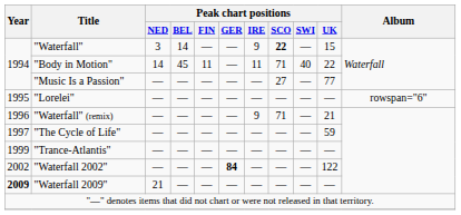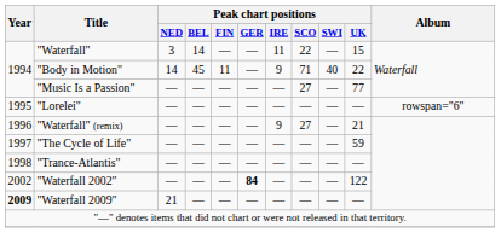 <table class="wikitable" style="text-align:center;">
 <tr>
 <th rowspan="2" style="width:2em;">Year</th>
 <th rowspan="2" style="width:10em;">Title</th>
 <th colspan="8">Peak chart positions</th>
 <th rowspan="2" style="width:10em;">Album</th>
 </tr>
 <tr>
 <th style="width:2em;font-size:90%;"><a href='#'>NED</a><br></th>
 <th style="width:2em;font-size:90%;"><a href='#'>BEL</a><br></th>
 <th style="width:2em;font-size:90%;"><a href='#'>FIN</a><br></th>
 <th style="width:2em;font-size:90%;"><a href='#'>GER</a><br></th>
 <th style="width:2em;font-size:90%;"><a href='#'>IRE</a><br></th>
 <th style="width:2em;font-size:90%;"><a href='#'>SCO</a><br></th>
 <th style="width:2em;font-size:90%;"><a href='#'>SWI</a><br></th>
 <th style="width:2em;font-size:90%;"><a href='#'>UK</a><br></th>
 </tr>
 <tr>
 <td rowspan="3">1994</td>
 <td style="text-align:left;">"Waterfall"</td>
 <td>3</td>
 <td>14</td>
 <td>—</td>
 <td>—</td>
-<td>9</td>
-<td><strong>22</strong></td>
+<td>11</td>
+<td>22</td>
 <td>—</td>
 <td>15</td>
 <td align="left" rowspan="3"><em>Waterfall</em></td>
 </tr>
 <tr>
 <td style="text-align:left;">"Body in Motion"</td>
 <td>14</td>
 <td>45</td>
 <td>11</td>
 <td>—</td>
-<td>11</td>
+<td>9</td>
 <td>71</td>
 <td>40</td>
 <td>22</td>
 </tr>
 <tr>
 <td style="text-align:left;">"Music Is a Passion"</td>
 <td>—</td>
 <td>—</td>
 <td>—</td>
 <td>—</td>
 <td>—</td>
 <td>27</td>
 <td>—</td>
 <td>77</td>
 </tr>
 <tr>
 <td>1995</td>
 <td style="text-align:left;">"Lorelei"</td>
 <td>—</td>
 <td>—</td>
 <td>—</td>
 <td>—</td>
 <td>—</td>
 <td>—</td>
 <td>—</td>
 <td>—</td>
 <td>rowspan="6" </td>
 </tr>
 <tr>
 <td>1996</td>
 <td style="text-align:left;">"Waterfall" <small>(remix)</small></td>
 <td>—</td>
 <td>—</td>
 <td>—</td>
 <td>—</td>
 <td>9</td>
-<td>71</td>
+<td>27</td>
 <td>—</td>
 <td>21</td>
 </tr>
 <tr>
 <td>1997</td>
 <td style="text-align:left;">"The Cycle of Life"</td>
 <td>—</td>
 <td>—</td>
 <td>—</td>
 <td>—</td>
 <td>—</td>
 <td>—</td>
 <td>—</td>
 <td>59</td>
 </tr>
 <tr>
-<td>1999</td>
+<td>1998</td>
 <td style="text-align:left;">"Trance-Atlantis"</td>
 <td>—</td>
 <td>—</td>
 <td>—</td>
 <td>—</td>
 <td>—</td>
 <td>—</td>
 <td>—</td>
 <td>—</td>
 </tr>
 <tr>
 <td>2002</td>
 <td style="text-align:left;">"Waterfall 2002"</td>
 <td>—</td>
 <td>—</td>
 <td>—</td>
 <td><strong>84</strong></td>
 <td>—</td>
 <td>—</td>
 <td>—</td>
 <td>122</td>
 </tr>
 <tr>
 <td><strong>2009</strong></td>
 <td style="text-align:left;">"Waterfall 2009"</td>
 <td>21</td>
 <td>—</td>
 <td>—</td>
 <td>—</td>
 <td>—</td>
 <td>—</td>
 <td>—</td>
 <td>—</td>
 </tr>
 <tr>
 <td align="center" colspan="15" style="font-size:90%">"—" denotes items that did not chart or were not released in that territory.</td>
 </tr>
 <tr>
 </tr>
 </table>
